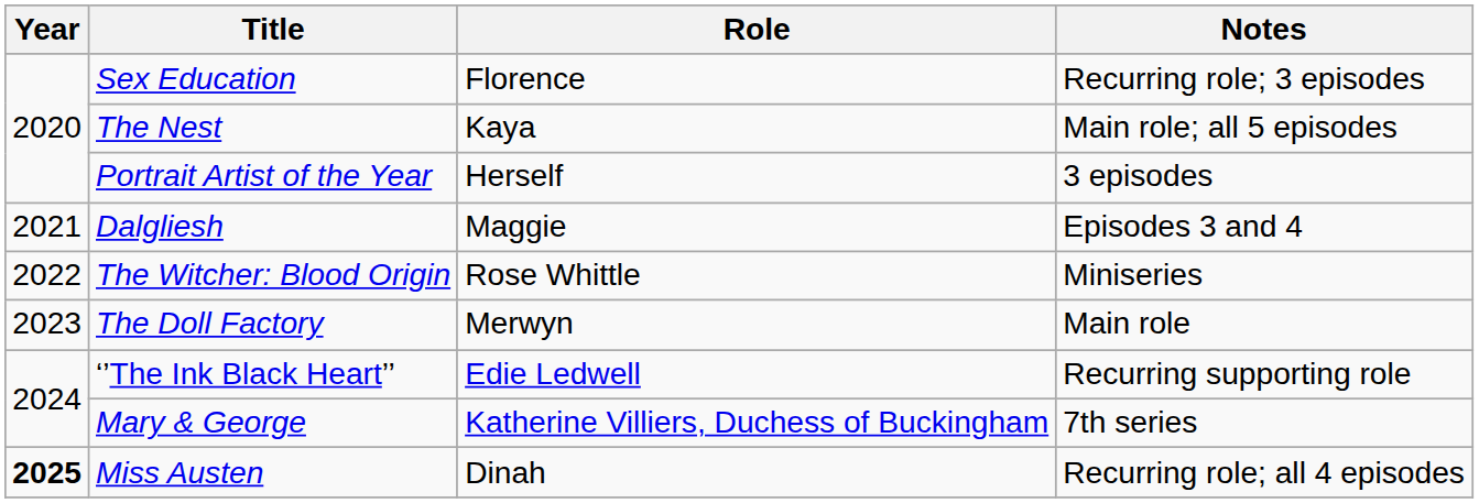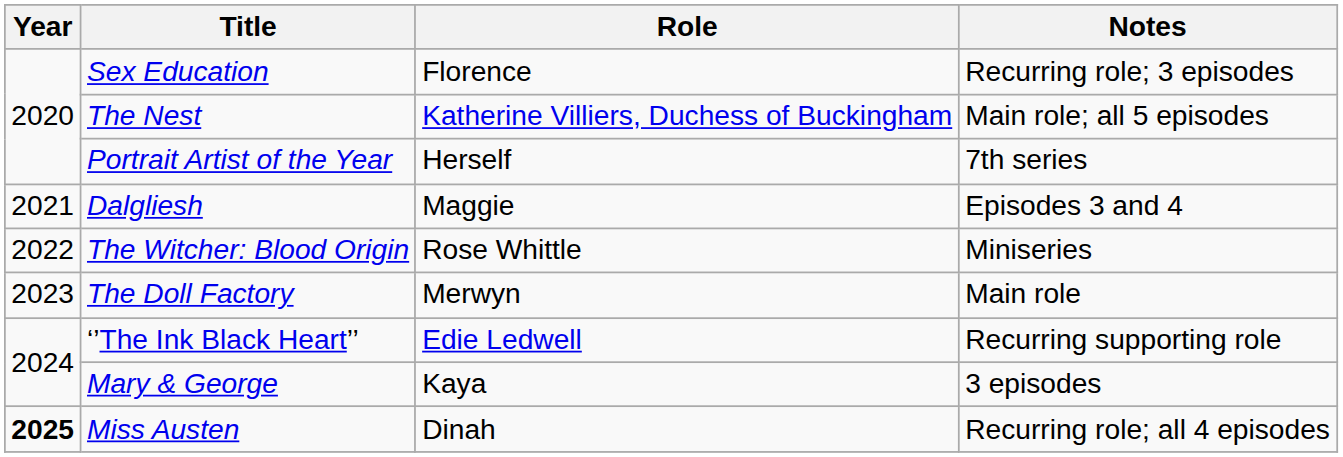 <table class="wikitable unsortable">
 <tr>
 <th>Year</th>
 <th>Title</th>
 <th>Role</th>
 <th class="unsortable">Notes</th>
 </tr>
 <tr>
 <td rowspan="3">2020</td>
 <td><em><a href='#'>Sex Education</a></em></td>
 <td>Florence</td>
 <td>Recurring role; 3 episodes</td>
 </tr>
 <tr>
 <td><em><a href='#'>The Nest</a></em></td>
-<td>Kaya</td>
+<td><a href='#'>Katherine Villiers, Duchess of Buckingham</a></td>
 <td>Main role; all 5 episodes</td>
 </tr>
 <tr>
 <td><em><a href='#'>Portrait Artist of the Year</a></em></td>
 <td>Herself</td>
-<td>3 episodes</td>
+<td>7th series</td>
 </tr>
 <tr>
 <td>2021</td>
 <td><em><a href='#'>Dalgliesh</a></em></td>
 <td>Maggie</td>
 <td>Episodes 3 and 4</td>
 </tr>
 <tr>
 <td>2022</td>
 <td><em><a href='#'>The Witcher: Blood Origin</a></em></td>
 <td>Rose Whittle</td>
 <td>Miniseries</td>
 </tr>
 <tr>
 <td>2023</td>
 <td><em><a href='#'>The Doll Factory</a></em></td>
 <td>Merwyn</td>
 <td>Main role</td>
 </tr>
 <tr>
 <td rowspan="2">2024</td>
 <td>‘’<a href='#'>The Ink Black Heart</a>’’</td>
 <td><a href='#'>Edie Ledwell</a></td>
 <td>Recurring supporting role</td>
 </tr>
 <tr>
 <td><em><a href='#'>Mary & George</a></em></td>
-<td><a href='#'>Katherine Villiers, Duchess of Buckingham</a></td>
-<td>7th series</td>
+<td>Kaya</td>
+<td>3 episodes</td>
 </tr>
 <tr>
 <td><strong>2025</strong></td>
 <td><em><a href='#'>Miss Austen</a></em></td>
 <td>Dinah</td>
 <td>Recurring role; all 4 episodes</td>
 </tr>
 </table>
